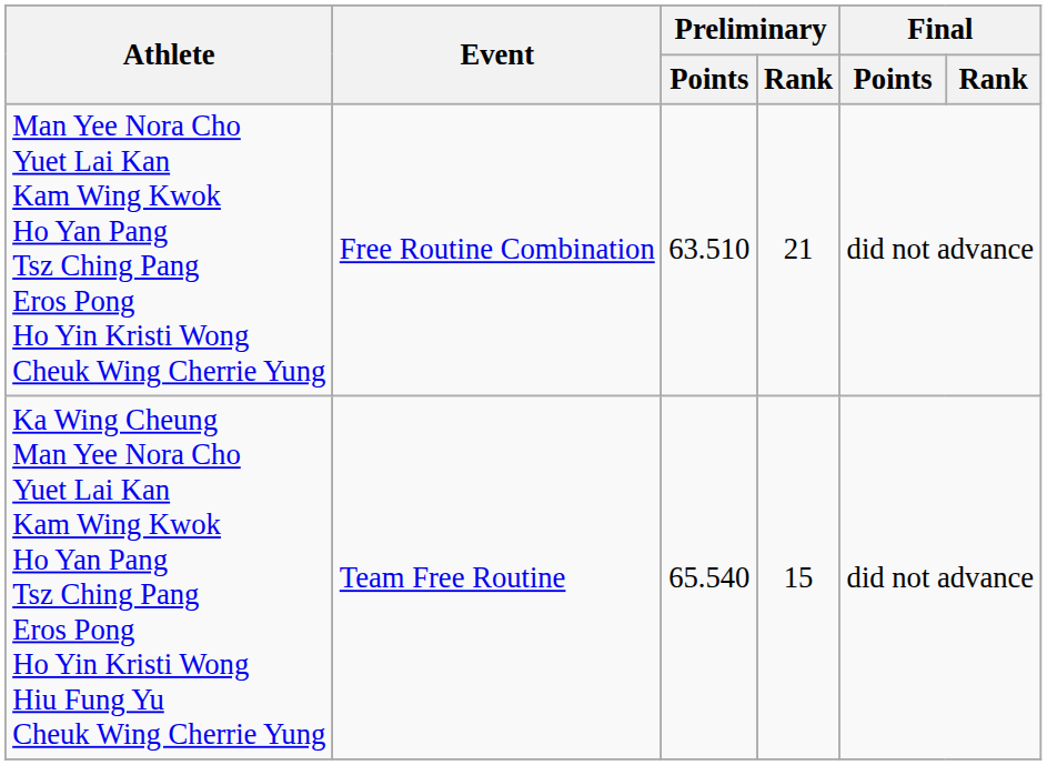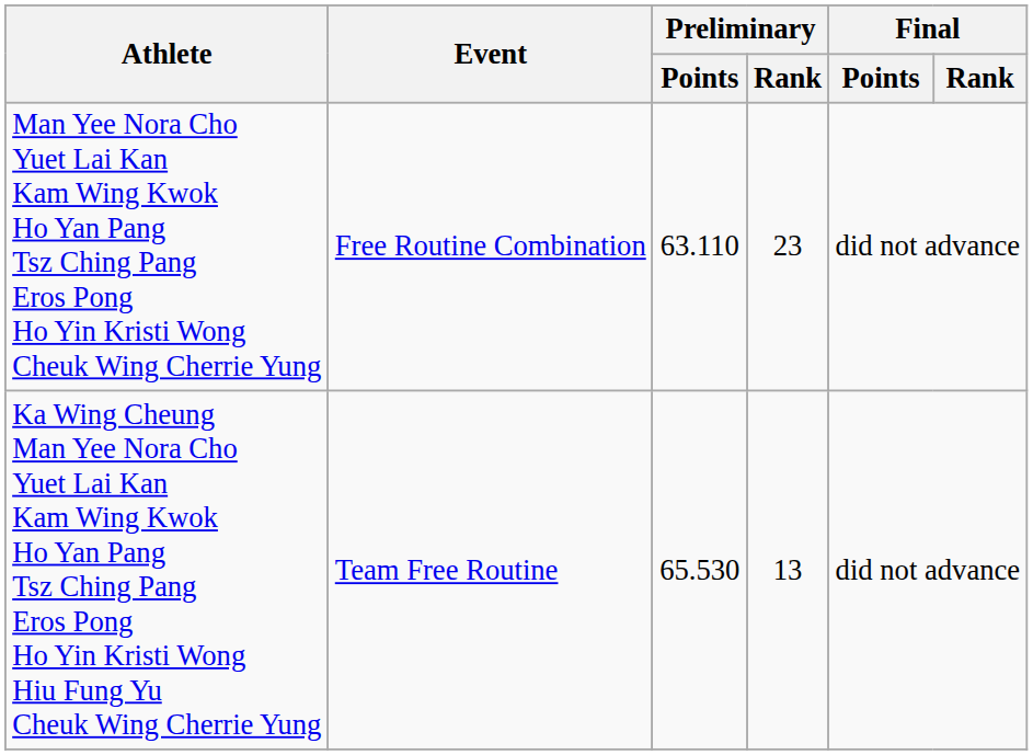 <table class=wikitable style="font-size:90%">
 <tr>
 <th rowspan="2">Athlete</th>
 <th rowspan="2">Event</th>
 <th colspan="2">Preliminary</th>
 <th colspan="2">Final</th>
 </tr>
 <tr>
 <th>Points</th>
 <th>Rank</th>
 <th>Points</th>
 <th>Rank</th>
 </tr>
 <tr>
 <td rowspan="1"><a href='#'>Man Yee Nora Cho</a><br><a href='#'>Yuet Lai Kan</a><br><a href='#'>Kam Wing Kwok</a><br><a href='#'>Ho Yan Pang</a><br><a href='#'>Tsz Ching Pang</a><br><a href='#'>Eros Pong</a><br><a href='#'>Ho Yin Kristi Wong</a><br><a href='#'>Cheuk Wing Cherrie Yung</a></td>
 <td><a href='#'>Free Routine Combination</a></td>
-<td align=center>63.510</td>
-<td align=center>21</td>
+<td align=center>63.110</td>
+<td align=center>23</td>
 <td align=center colspan=2>did not advance</td>
 </tr>
 <tr>
 <td rowspan="1"><a href='#'>Ka Wing Cheung</a><br><a href='#'>Man Yee Nora Cho</a><br><a href='#'>Yuet Lai Kan</a><br><a href='#'>Kam Wing Kwok</a><br><a href='#'>Ho Yan Pang</a><br><a href='#'>Tsz Ching Pang</a><br><a href='#'>Eros Pong</a><br><a href='#'>Ho Yin Kristi Wong</a><br><a href='#'>Hiu Fung Yu</a><br><a href='#'>Cheuk Wing Cherrie Yung</a></td>
 <td><a href='#'>Team Free Routine</a></td>
-<td align=center>65.540</td>
-<td align=center>15</td>
+<td align=center>65.530</td>
+<td align=center>13</td>
 <td align=center colspan=2>did not advance</td>
 </tr>
 </table>
